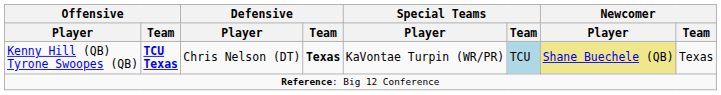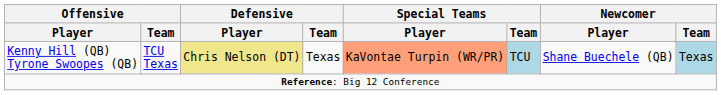 <table class="wikitable">
 <tr>
 <th colspan="2">Offensive</th>
 <th colspan="2">Defensive</th>
 <th colspan="2">Special Teams</th>
 <th colspan="2">Newcomer</th>
 </tr>
 <tr>
 <th>Player</th>
 <th>Team</th>
 <th>Player</th>
 <th>Team</th>
 <th>Player</th>
 <th>Team</th>
 <th>Player</th>
 <th>Team</th>
 </tr>
 <tr>
 <td><a href='#'>Kenny Hill</a> (QB)<br><a href='#'>Tyrone Swoopes</a> (QB)</td>
-<td><strong><a href='#'>TCU</a><br><a href='#'>Texas</a></strong></td>
-<td>Chris Nelson (DT)</td>
-<td><strong>Texas</strong></td>
-<td>KaVontae Turpin (WR/PR)</td>
+<td><a href='#'>TCU</a><br><a href='#'>Texas</a></td>
+<td style="background: khaki;">Chris Nelson (DT)</td>
+<td>Texas</td>
+<td style="background: lightsalmon;">KaVontae Turpin (WR/PR)</td>
 <td style="background: lightblue;">TCU</td>
-<td style="background: khaki;"><a href='#'>Shane Buechele</a> (QB)</td>
-<td>Texas</td>
+<td><a href='#'>Shane Buechele</a> (QB)</td>
+<td style="background: lightblue;">Texas</td>
 </tr>
 <tr>
 <td colspan="12"  style="font-size:8pt; text-align:center;"><strong>Reference</strong>: Big 12 Conference</td>
 </tr>
 </table>
